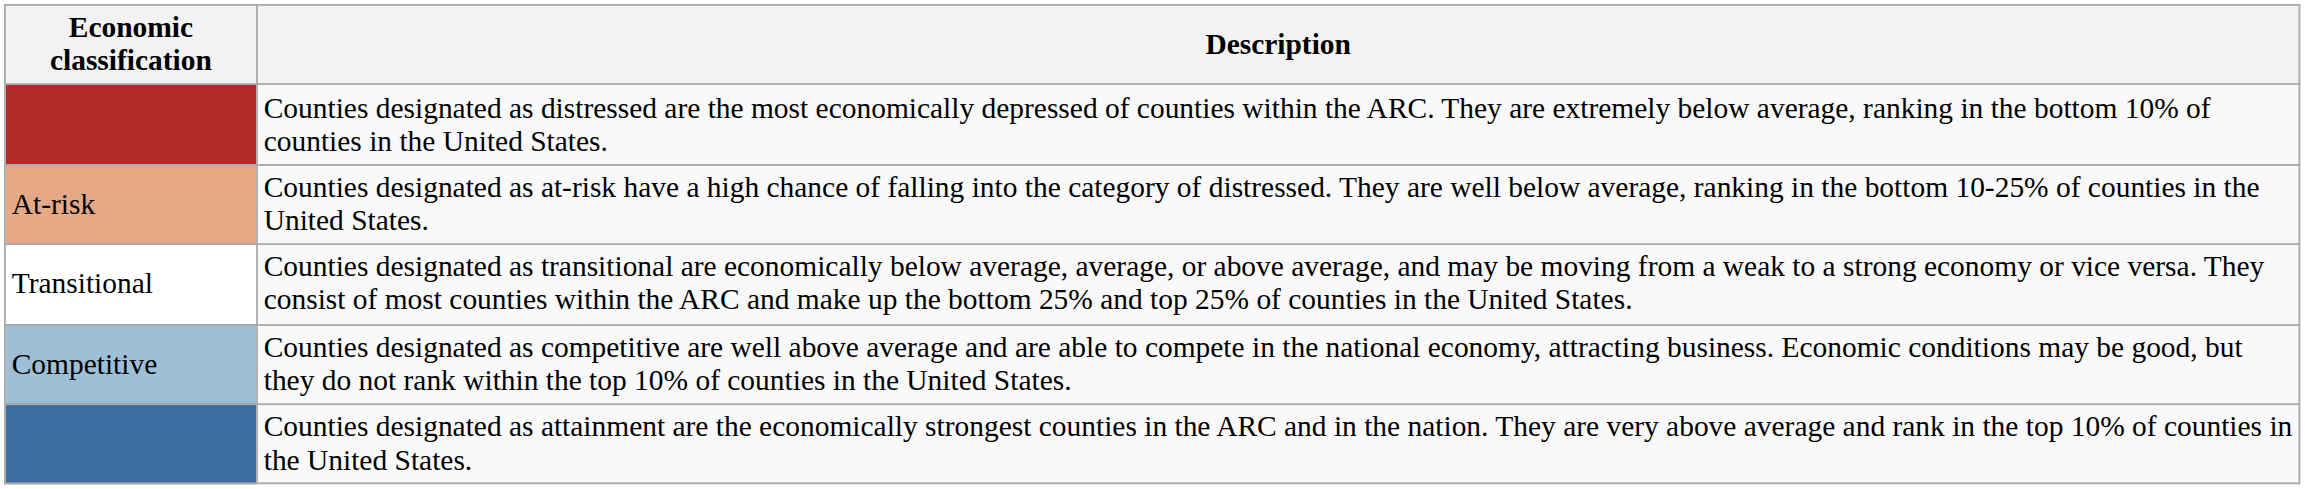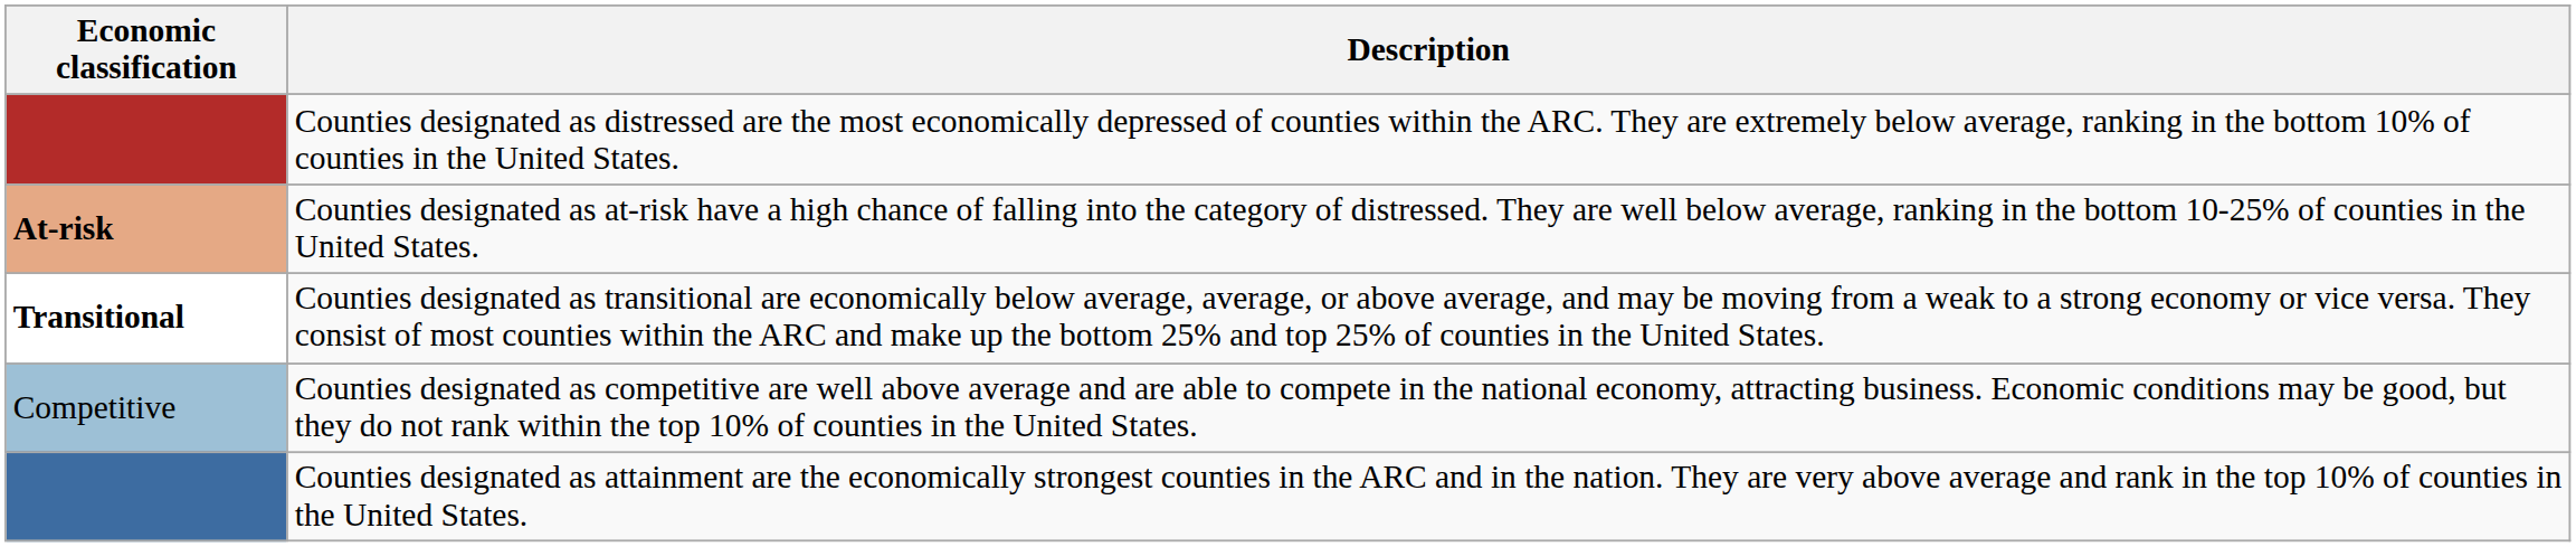 <table class="wikitable">
 <tr>
 <th>Economic classification</th>
 <th>Description</th>
 </tr>
 <tr>
 <td bgcolor=b32b29></td>
 <td>Counties designated as distressed are the most economically depressed of counties within the ARC. They are extremely below average, ranking in the bottom 10% of counties in the United States.</td>
 </tr>
 <tr>
-<td bgcolor=e5a985>At-risk</td>
+<td bgcolor=e5a985><strong>At-risk</strong></td>
 <td>Counties designated as at-risk have a high chance of falling into the category of distressed. They are well below average, ranking in the bottom 10-25% of counties in the United States.</td>
 </tr>
 <tr>
-<td bgcolor=ffffff>Transitional</td>
+<td bgcolor=ffffff><strong>Transitional</strong></td>
 <td>Counties designated as transitional are economically below average, average, or above average, and may be moving from a weak to a strong economy or vice versa. They consist of most counties within the ARC and make up the bottom 25% and top 25% of counties in the United States.</td>
 </tr>
 <tr>
 <td bgcolor=9dc0d6>Competitive</td>
 <td>Counties designated as competitive are well above average and are able to compete in the national economy, attracting business. Economic conditions may be good, but they do not rank within the top 10% of counties in the United States.</td>
 </tr>
 <tr>
 <td bgcolor=3d6ca1></td>
 <td>Counties designated as attainment are the economically strongest counties in the ARC and in the nation. They are very above average and rank in the top 10% of counties in the United States.</td>
 </tr>
 </table>
